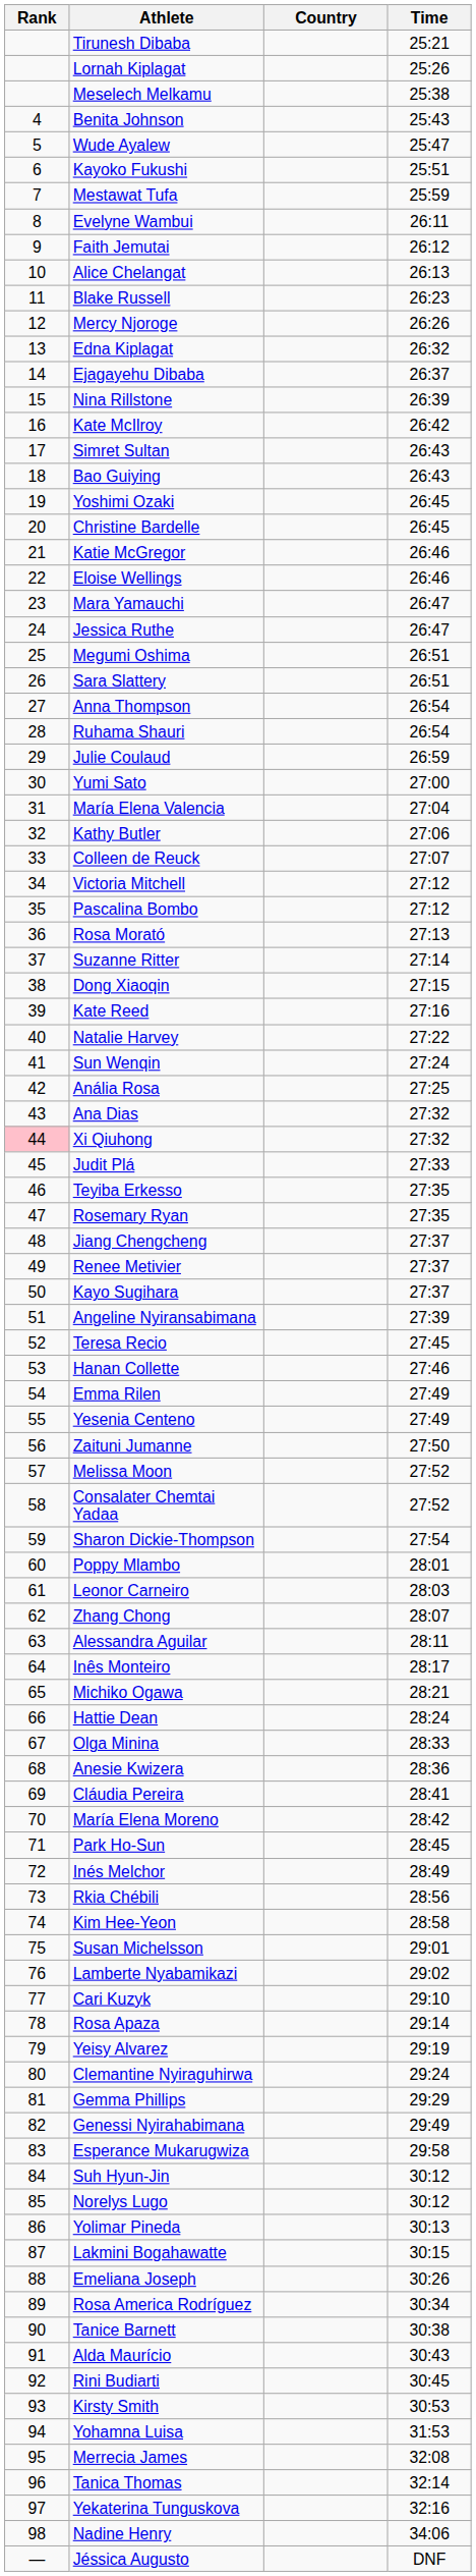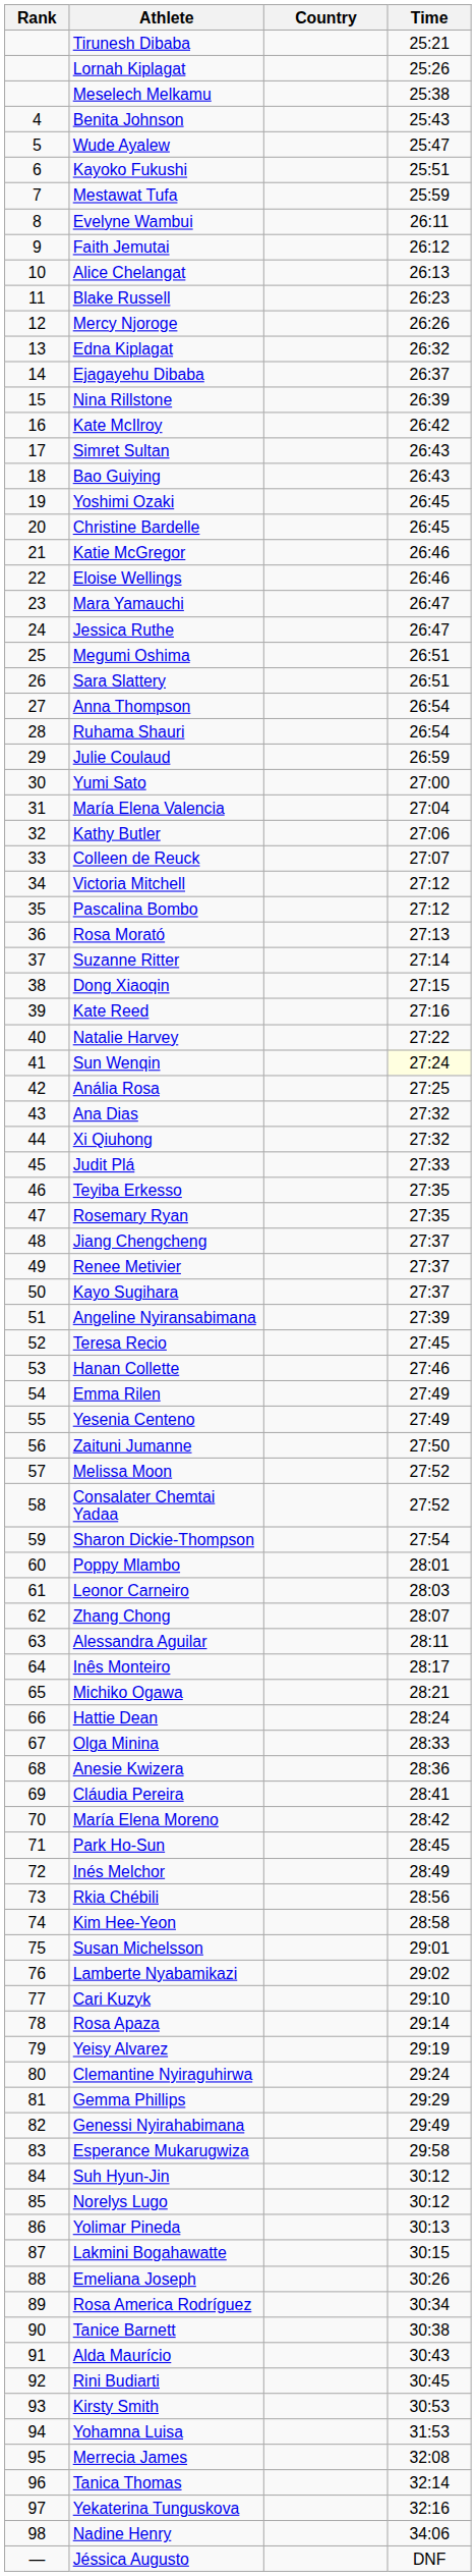 <table class="wikitable sortable" style=" text-align:center; font-size:95%;" width="50%">
 <tr>
 <th width=5%>Rank</th>
 <th width=20%>Athlete</th>
 <th width=15%>Country</th>
 <th width=10%>Time</th>
 </tr>
 <tr>
 <td align=center></td>
 <td align=left><a href='#'>Tirunesh Dibaba</a></td>
 <td align=left></td>
 <td>25:21</td>
 </tr>
 <tr>
 <td align=center></td>
 <td align=left><a href='#'>Lornah Kiplagat</a></td>
 <td align=left></td>
 <td>25:26</td>
 </tr>
 <tr>
 <td align=center></td>
 <td align=left><a href='#'>Meselech Melkamu</a></td>
 <td align=left></td>
 <td>25:38</td>
 </tr>
 <tr>
 <td align=center>4</td>
 <td align=left><a href='#'>Benita Johnson</a></td>
 <td align=left></td>
 <td>25:43</td>
 </tr>
 <tr>
 <td align=center>5</td>
 <td align=left><a href='#'>Wude Ayalew</a></td>
 <td align=left></td>
 <td>25:47</td>
 </tr>
 <tr>
 <td align=center>6</td>
 <td align=left><a href='#'>Kayoko Fukushi</a></td>
 <td align=left></td>
 <td>25:51</td>
 </tr>
 <tr>
 <td align=center>7</td>
 <td align=left><a href='#'>Mestawat Tufa</a></td>
 <td align=left></td>
 <td>25:59</td>
 </tr>
 <tr>
 <td align=center>8</td>
 <td align=left><a href='#'>Evelyne Wambui</a></td>
 <td align=left></td>
 <td>26:11</td>
 </tr>
 <tr>
 <td align=center>9</td>
 <td align=left><a href='#'>Faith Jemutai</a></td>
 <td align=left></td>
 <td>26:12</td>
 </tr>
 <tr>
 <td align=center>10</td>
 <td align=left><a href='#'>Alice Chelangat</a></td>
 <td align=left></td>
 <td>26:13</td>
 </tr>
 <tr>
 <td align=center>11</td>
 <td align=left><a href='#'>Blake Russell</a></td>
 <td align=left></td>
 <td>26:23</td>
 </tr>
 <tr>
 <td align=center>12</td>
 <td align=left><a href='#'>Mercy Njoroge</a></td>
 <td align=left></td>
 <td>26:26</td>
 </tr>
 <tr>
 <td align=center>13</td>
 <td align=left><a href='#'>Edna Kiplagat</a></td>
 <td align=left></td>
 <td>26:32</td>
 </tr>
 <tr>
 <td align=center>14</td>
 <td align=left><a href='#'>Ejagayehu Dibaba</a></td>
 <td align=left></td>
 <td>26:37</td>
 </tr>
 <tr>
 <td align=center>15</td>
 <td align=left><a href='#'>Nina Rillstone</a></td>
 <td align=left></td>
 <td>26:39</td>
 </tr>
 <tr>
 <td align=center>16</td>
 <td align=left><a href='#'>Kate McIlroy</a></td>
 <td align=left></td>
 <td>26:42</td>
 </tr>
 <tr>
 <td align=center>17</td>
 <td align=left><a href='#'>Simret Sultan</a></td>
 <td align=left></td>
 <td>26:43</td>
 </tr>
 <tr>
 <td align=center>18</td>
 <td align=left><a href='#'>Bao Guiying</a></td>
 <td align="left"></td>
 <td>26:43</td>
 </tr>
 <tr>
 <td align=center>19</td>
 <td align=left><a href='#'>Yoshimi Ozaki</a></td>
 <td align=left></td>
 <td>26:45</td>
 </tr>
 <tr>
 <td align=center>20</td>
 <td align=left><a href='#'>Christine Bardelle</a></td>
 <td align=left></td>
 <td>26:45</td>
 </tr>
 <tr>
 <td align=center>21</td>
 <td align=left><a href='#'>Katie McGregor</a></td>
 <td align=left></td>
 <td>26:46</td>
 </tr>
 <tr>
 <td align=center>22</td>
 <td align=left><a href='#'>Eloise Wellings</a></td>
 <td align=left></td>
 <td>26:46</td>
 </tr>
 <tr>
 <td align=center>23</td>
 <td align=left><a href='#'>Mara Yamauchi</a></td>
 <td align=left></td>
 <td>26:47</td>
 </tr>
 <tr>
 <td align=center>24</td>
 <td align=left><a href='#'>Jessica Ruthe</a></td>
 <td align="left"></td>
 <td>26:47</td>
 </tr>
 <tr>
 <td align=center>25</td>
 <td align=left><a href='#'>Megumi Oshima</a></td>
 <td align=left></td>
 <td>26:51</td>
 </tr>
 <tr>
 <td align=center>26</td>
 <td align=left><a href='#'>Sara Slattery</a></td>
 <td align=left></td>
 <td>26:51</td>
 </tr>
 <tr>
 <td align=center>27</td>
 <td align=left><a href='#'>Anna Thompson</a></td>
 <td align=left></td>
 <td>26:54</td>
 </tr>
 <tr>
 <td align=center>28</td>
 <td align=left><a href='#'>Ruhama Shauri</a></td>
 <td align="left"></td>
 <td>26:54</td>
 </tr>
 <tr>
 <td align=center>29</td>
 <td align=left><a href='#'>Julie Coulaud</a></td>
 <td align=left></td>
 <td>26:59</td>
 </tr>
 <tr>
 <td align=center>30</td>
 <td align=left><a href='#'>Yumi Sato</a></td>
 <td align="left"></td>
 <td>27:00</td>
 </tr>
 <tr>
 <td align=center>31</td>
 <td align=left><a href='#'>María Elena Valencia</a></td>
 <td align="left"></td>
 <td>27:04</td>
 </tr>
 <tr>
 <td align=center>32</td>
 <td align=left><a href='#'>Kathy Butler</a></td>
 <td align=left></td>
 <td>27:06</td>
 </tr>
 <tr>
 <td align=center>33</td>
 <td align=left><a href='#'>Colleen de Reuck</a></td>
 <td align=left></td>
 <td>27:07</td>
 </tr>
 <tr>
 <td align=center>34</td>
 <td align=left><a href='#'>Victoria Mitchell</a></td>
 <td align=left></td>
 <td>27:12</td>
 </tr>
 <tr>
 <td align=center>35</td>
 <td align=left><a href='#'>Pascalina Bombo</a></td>
 <td align="left"></td>
 <td>27:12</td>
 </tr>
 <tr>
 <td align=center>36</td>
 <td align=left><a href='#'>Rosa Morató</a></td>
 <td align=left></td>
 <td>27:13</td>
 </tr>
 <tr>
 <td align=center>37</td>
 <td align=left><a href='#'>Suzanne Ritter</a></td>
 <td align="left"></td>
 <td>27:14</td>
 </tr>
 <tr>
 <td align=center>38</td>
 <td align=left><a href='#'>Dong Xiaoqin</a></td>
 <td align=left></td>
 <td>27:15</td>
 </tr>
 <tr>
 <td align=center>39</td>
 <td align=left><a href='#'>Kate Reed</a></td>
 <td align=left></td>
 <td>27:16</td>
 </tr>
 <tr>
 <td align=center>40</td>
 <td align=left><a href='#'>Natalie Harvey</a></td>
 <td align=left></td>
 <td>27:22</td>
 </tr>
 <tr>
 <td align=center>41</td>
 <td align=left><a href='#'>Sun Wenqin</a></td>
 <td align="left"></td>
-<td>27:24</td>
+<td style="background: lightyellow;">27:24</td>
 </tr>
 <tr>
 <td align=center>42</td>
 <td align=left><a href='#'>Anália Rosa</a></td>
 <td align=left></td>
 <td>27:25</td>
 </tr>
 <tr>
 <td align=center>43</td>
 <td align=left><a href='#'>Ana Dias</a></td>
 <td align=left></td>
 <td>27:32</td>
 </tr>
 <tr>
-<td align=center style="background: pink;">44</td>
+<td align=center>44</td>
 <td align=left><a href='#'>Xi Qiuhong</a></td>
 <td align="left"></td>
 <td>27:32</td>
 </tr>
 <tr>
 <td align=center>45</td>
 <td align=left><a href='#'>Judit Plá</a></td>
 <td align=left></td>
 <td>27:33</td>
 </tr>
 <tr>
 <td align=center>46</td>
 <td align=left><a href='#'>Teyiba Erkesso</a></td>
 <td align=left></td>
 <td>27:35</td>
 </tr>
 <tr>
 <td align=center>47</td>
 <td align=left><a href='#'>Rosemary Ryan</a></td>
 <td align=left></td>
 <td>27:35</td>
 </tr>
 <tr>
 <td align=center>48</td>
 <td align=left><a href='#'>Jiang Chengcheng</a></td>
 <td align="left"></td>
 <td>27:37</td>
 </tr>
 <tr>
 <td align=center>49</td>
 <td align=left><a href='#'>Renee Metivier</a></td>
 <td align=left></td>
 <td>27:37</td>
 </tr>
 <tr>
 <td align=center>50</td>
 <td align=left><a href='#'>Kayo Sugihara</a></td>
 <td align=left></td>
 <td>27:37</td>
 </tr>
 <tr>
 <td align=center>51</td>
 <td align=left><a href='#'>Angeline Nyiransabimana</a></td>
 <td align="left"></td>
 <td>27:39</td>
 </tr>
 <tr>
 <td align=center>52</td>
 <td align=left><a href='#'>Teresa Recio</a></td>
 <td align=left></td>
 <td>27:45</td>
 </tr>
 <tr>
 <td align=center>53</td>
 <td align=left><a href='#'>Hanan Collette</a></td>
 <td align="left"></td>
 <td>27:46</td>
 </tr>
 <tr>
 <td align=center>54</td>
 <td align=left><a href='#'>Emma Rilen</a></td>
 <td align="left"></td>
 <td>27:49</td>
 </tr>
 <tr>
 <td align=center>55</td>
 <td align=left><a href='#'>Yesenia Centeno</a></td>
 <td align=left></td>
 <td>27:49</td>
 </tr>
 <tr>
 <td align=center>56</td>
 <td align=left><a href='#'>Zaituni Jumanne</a></td>
 <td align="left"></td>
 <td>27:50</td>
 </tr>
 <tr>
 <td align=center>57</td>
 <td align=left><a href='#'>Melissa Moon</a></td>
 <td align=left></td>
 <td>27:52</td>
 </tr>
 <tr>
 <td align=center>58</td>
 <td align=left><a href='#'>Consalater Chemtai Yadaa</a></td>
 <td align="left"></td>
 <td>27:52</td>
 </tr>
 <tr>
 <td align=center>59</td>
 <td align=left><a href='#'>Sharon Dickie-Thompson</a></td>
 <td align="left"></td>
 <td>27:54</td>
 </tr>
 <tr>
 <td align=center>60</td>
 <td align=left><a href='#'>Poppy Mlambo</a></td>
 <td align="left"></td>
 <td>28:01</td>
 </tr>
 <tr>
 <td align=center>61</td>
 <td align=left><a href='#'>Leonor Carneiro</a></td>
 <td align="left"></td>
 <td>28:03</td>
 </tr>
 <tr>
 <td align=center>62</td>
 <td align=left><a href='#'>Zhang Chong</a></td>
 <td align="left"></td>
 <td>28:07</td>
 </tr>
 <tr>
 <td align=center>63</td>
 <td align=left><a href='#'>Alessandra Aguilar</a></td>
 <td align=left></td>
 <td>28:11</td>
 </tr>
 <tr>
 <td align=center>64</td>
 <td align=left><a href='#'>Inês Monteiro</a></td>
 <td align=left></td>
 <td>28:17</td>
 </tr>
 <tr>
 <td align=center>65</td>
 <td align=left><a href='#'>Michiko Ogawa</a></td>
 <td align="left"></td>
 <td>28:21</td>
 </tr>
 <tr>
 <td align=center>66</td>
 <td align=left><a href='#'>Hattie Dean</a></td>
 <td align=left></td>
 <td>28:24</td>
 </tr>
 <tr>
 <td align=center>67</td>
 <td align=left><a href='#'>Olga Minina</a></td>
 <td align="left"></td>
 <td>28:33</td>
 </tr>
 <tr>
 <td align=center>68</td>
 <td align=left><a href='#'>Anesie Kwizera</a></td>
 <td align="left"></td>
 <td>28:36</td>
 </tr>
 <tr>
 <td align=center>69</td>
 <td align=left><a href='#'>Cláudia Pereira</a></td>
 <td align="left"></td>
 <td>28:41</td>
 </tr>
 <tr>
 <td align=center>70</td>
 <td align=left><a href='#'>María Elena Moreno</a></td>
 <td align="left"></td>
 <td>28:42</td>
 </tr>
 <tr>
 <td align=center>71</td>
 <td align=left><a href='#'>Park Ho-Sun</a></td>
 <td align="left"></td>
 <td>28:45</td>
 </tr>
 <tr>
 <td align=center>72</td>
 <td align=left><a href='#'>Inés Melchor</a></td>
 <td align=left></td>
 <td>28:49</td>
 </tr>
 <tr>
 <td align=center>73</td>
 <td align=left><a href='#'>Rkia Chébili</a></td>
 <td align="left"></td>
 <td>28:56</td>
 </tr>
 <tr>
 <td align=center>74</td>
 <td align=left><a href='#'>Kim Hee-Yeon</a></td>
 <td align="left"></td>
 <td>28:58</td>
 </tr>
 <tr>
 <td align=center>75</td>
 <td align=left><a href='#'>Susan Michelsson</a></td>
 <td align=left></td>
 <td>29:01</td>
 </tr>
 <tr>
 <td align=center>76</td>
 <td align=left><a href='#'>Lamberte Nyabamikazi</a></td>
 <td align="left"></td>
 <td>29:02</td>
 </tr>
 <tr>
 <td align=center>77</td>
 <td align=left><a href='#'>Cari Kuzyk</a></td>
 <td align="left"></td>
 <td>29:10</td>
 </tr>
 <tr>
 <td align=center>78</td>
 <td align=left><a href='#'>Rosa Apaza</a></td>
 <td align="left"></td>
 <td>29:14</td>
 </tr>
 <tr>
 <td align=center>79</td>
 <td align=left><a href='#'>Yeisy Alvarez</a></td>
 <td align="left"></td>
 <td>29:19</td>
 </tr>
 <tr>
 <td align=center>80</td>
 <td align=left><a href='#'>Clemantine Nyiraguhirwa</a></td>
 <td align="left"></td>
 <td>29:24</td>
 </tr>
 <tr>
 <td align=center>81</td>
 <td align=left><a href='#'>Gemma Phillips</a></td>
 <td align="left"></td>
 <td>29:29</td>
 </tr>
 <tr>
 <td align=center>82</td>
 <td align=left><a href='#'>Genessi Nyirahabimana</a></td>
 <td align="left"></td>
 <td>29:49</td>
 </tr>
 <tr>
 <td align=center>83</td>
 <td align=left><a href='#'>Esperance Mukarugwiza</a></td>
 <td align="left"></td>
 <td>29:58</td>
 </tr>
 <tr>
 <td align=center>84</td>
 <td align=left><a href='#'>Suh Hyun-Jin</a></td>
 <td align="left"></td>
 <td>30:12</td>
 </tr>
 <tr>
 <td align=center>85</td>
 <td align=left><a href='#'>Norelys Lugo</a></td>
 <td align="left"></td>
 <td>30:12</td>
 </tr>
 <tr>
 <td align=center>86</td>
 <td align=left><a href='#'>Yolimar Pineda</a></td>
 <td align=left></td>
 <td>30:13</td>
 </tr>
 <tr>
 <td align=center>87</td>
 <td align=left><a href='#'>Lakmini Bogahawatte</a></td>
 <td align="left"></td>
 <td>30:15</td>
 </tr>
 <tr>
 <td align=center>88</td>
 <td align=left><a href='#'>Emeliana Joseph</a></td>
 <td align="left"></td>
 <td>30:26</td>
 </tr>
 <tr>
 <td align=center>89</td>
 <td align=left><a href='#'>Rosa America Rodríguez</a></td>
 <td align="left"></td>
 <td>30:34</td>
 </tr>
 <tr>
 <td align=center>90</td>
 <td align=left><a href='#'>Tanice Barnett</a></td>
 <td align="left"></td>
 <td>30:38</td>
 </tr>
 <tr>
 <td align=center>91</td>
 <td align=left><a href='#'>Alda Maurício</a></td>
 <td align="left"></td>
 <td>30:43</td>
 </tr>
 <tr>
 <td align=center>92</td>
 <td align=left><a href='#'>Rini Budiarti</a></td>
 <td align=left></td>
 <td>30:45</td>
 </tr>
 <tr>
 <td align=center>93</td>
 <td align=left><a href='#'>Kirsty Smith</a></td>
 <td align=left></td>
 <td>30:53</td>
 </tr>
 <tr>
 <td align=center>94</td>
 <td align=left><a href='#'>Yohamna Luisa</a></td>
 <td align="left"></td>
 <td>31:53</td>
 </tr>
 <tr>
 <td align=center>95</td>
 <td align=left><a href='#'>Merrecia James</a></td>
 <td align=left></td>
 <td>32:08</td>
 </tr>
 <tr>
 <td align=center>96</td>
 <td align=left><a href='#'>Tanica Thomas</a></td>
 <td align="left"></td>
 <td>32:14</td>
 </tr>
 <tr>
 <td align=center>97</td>
 <td align=left><a href='#'>Yekaterina Tunguskova</a></td>
 <td align="left"></td>
 <td>32:16</td>
 </tr>
 <tr>
 <td align=center>98</td>
 <td align=left><a href='#'>Nadine Henry</a></td>
 <td align="left"></td>
 <td>34:06</td>
 </tr>
 <tr>
 <td align=center>—</td>
 <td align=left><a href='#'>Jéssica Augusto</a></td>
 <td align=left></td>
 <td>DNF</td>
 </tr>
 </table>
